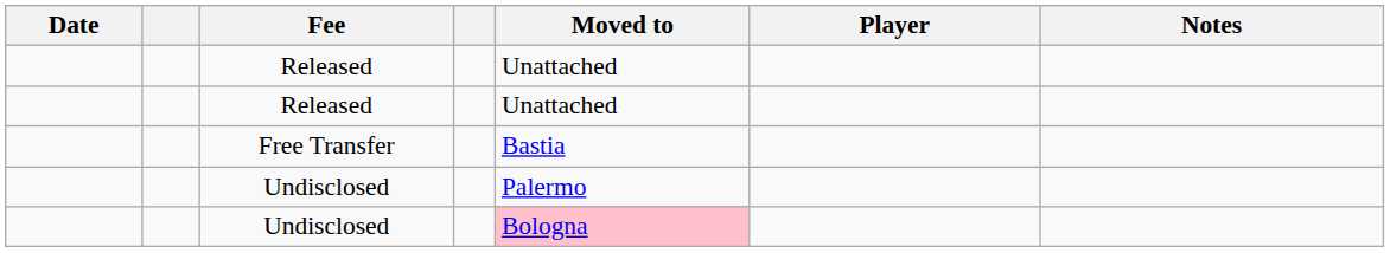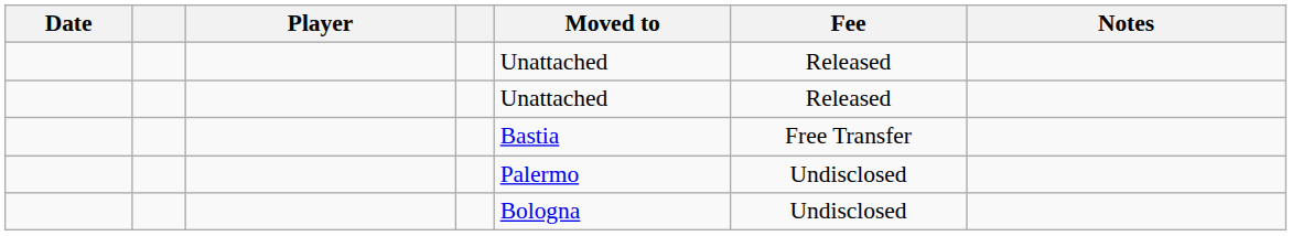 <table class="wikitable sortable">
 <tr>
 <th style="width:80px;">Date</th>
 <th style="width:30px;"></th>
-<th style="width:155px;" class="unsortable">Fee</th>
+<th style="width:180px;">Player</th>
 <th style="width:20px;"></th>
 <th style="width:155px;">Moved to</th>
-<th style="width:180px;">Player</th>
+<th style="width:155px;" class="unsortable">Fee</th>
 <th style="width:215px;" class="unsortable">Notes</th>
 </tr>
 <tr>
 <td></td>
 <td align=center></td>
-<td align=center>Released</td>
+<td> </td>
 <td></td>
 <td>Unattached</td>
-<td> </td>
+<td align=center>Released</td>
 <td align=center></td>
 </tr>
 <tr>
 <td></td>
 <td align=center></td>
-<td align=center>Released</td>
+<td> </td>
 <td></td>
 <td>Unattached</td>
-<td> </td>
+<td align=center>Released</td>
 <td align=center></td>
 </tr>
 <tr>
 <td></td>
 <td align=center></td>
-<td align=center>Free Transfer</td>
+<td> </td>
 <td></td>
 <td> <a href='#'>Bastia</a></td>
-<td> </td>
+<td align=center>Free Transfer</td>
 <td align=center></td>
 </tr>
 <tr>
 <td></td>
 <td align=center></td>
-<td align=center>Undisclosed</td>
+<td> </td>
 <td></td>
 <td> <a href='#'>Palermo</a></td>
-<td> </td>
+<td align=center>Undisclosed</td>
 <td align=center></td>
 </tr>
 <tr>
 <td></td>
 <td align=center></td>
+<td> </td>
+<td></td>
+<td> <a href='#'>Bologna</a></td>
 <td align=center>Undisclosed</td>
-<td></td>
-<td style="background: pink;"> <a href='#'>Bologna</a></td>
-<td> </td>
 <td align=center></td>
 </tr>
 </table>
